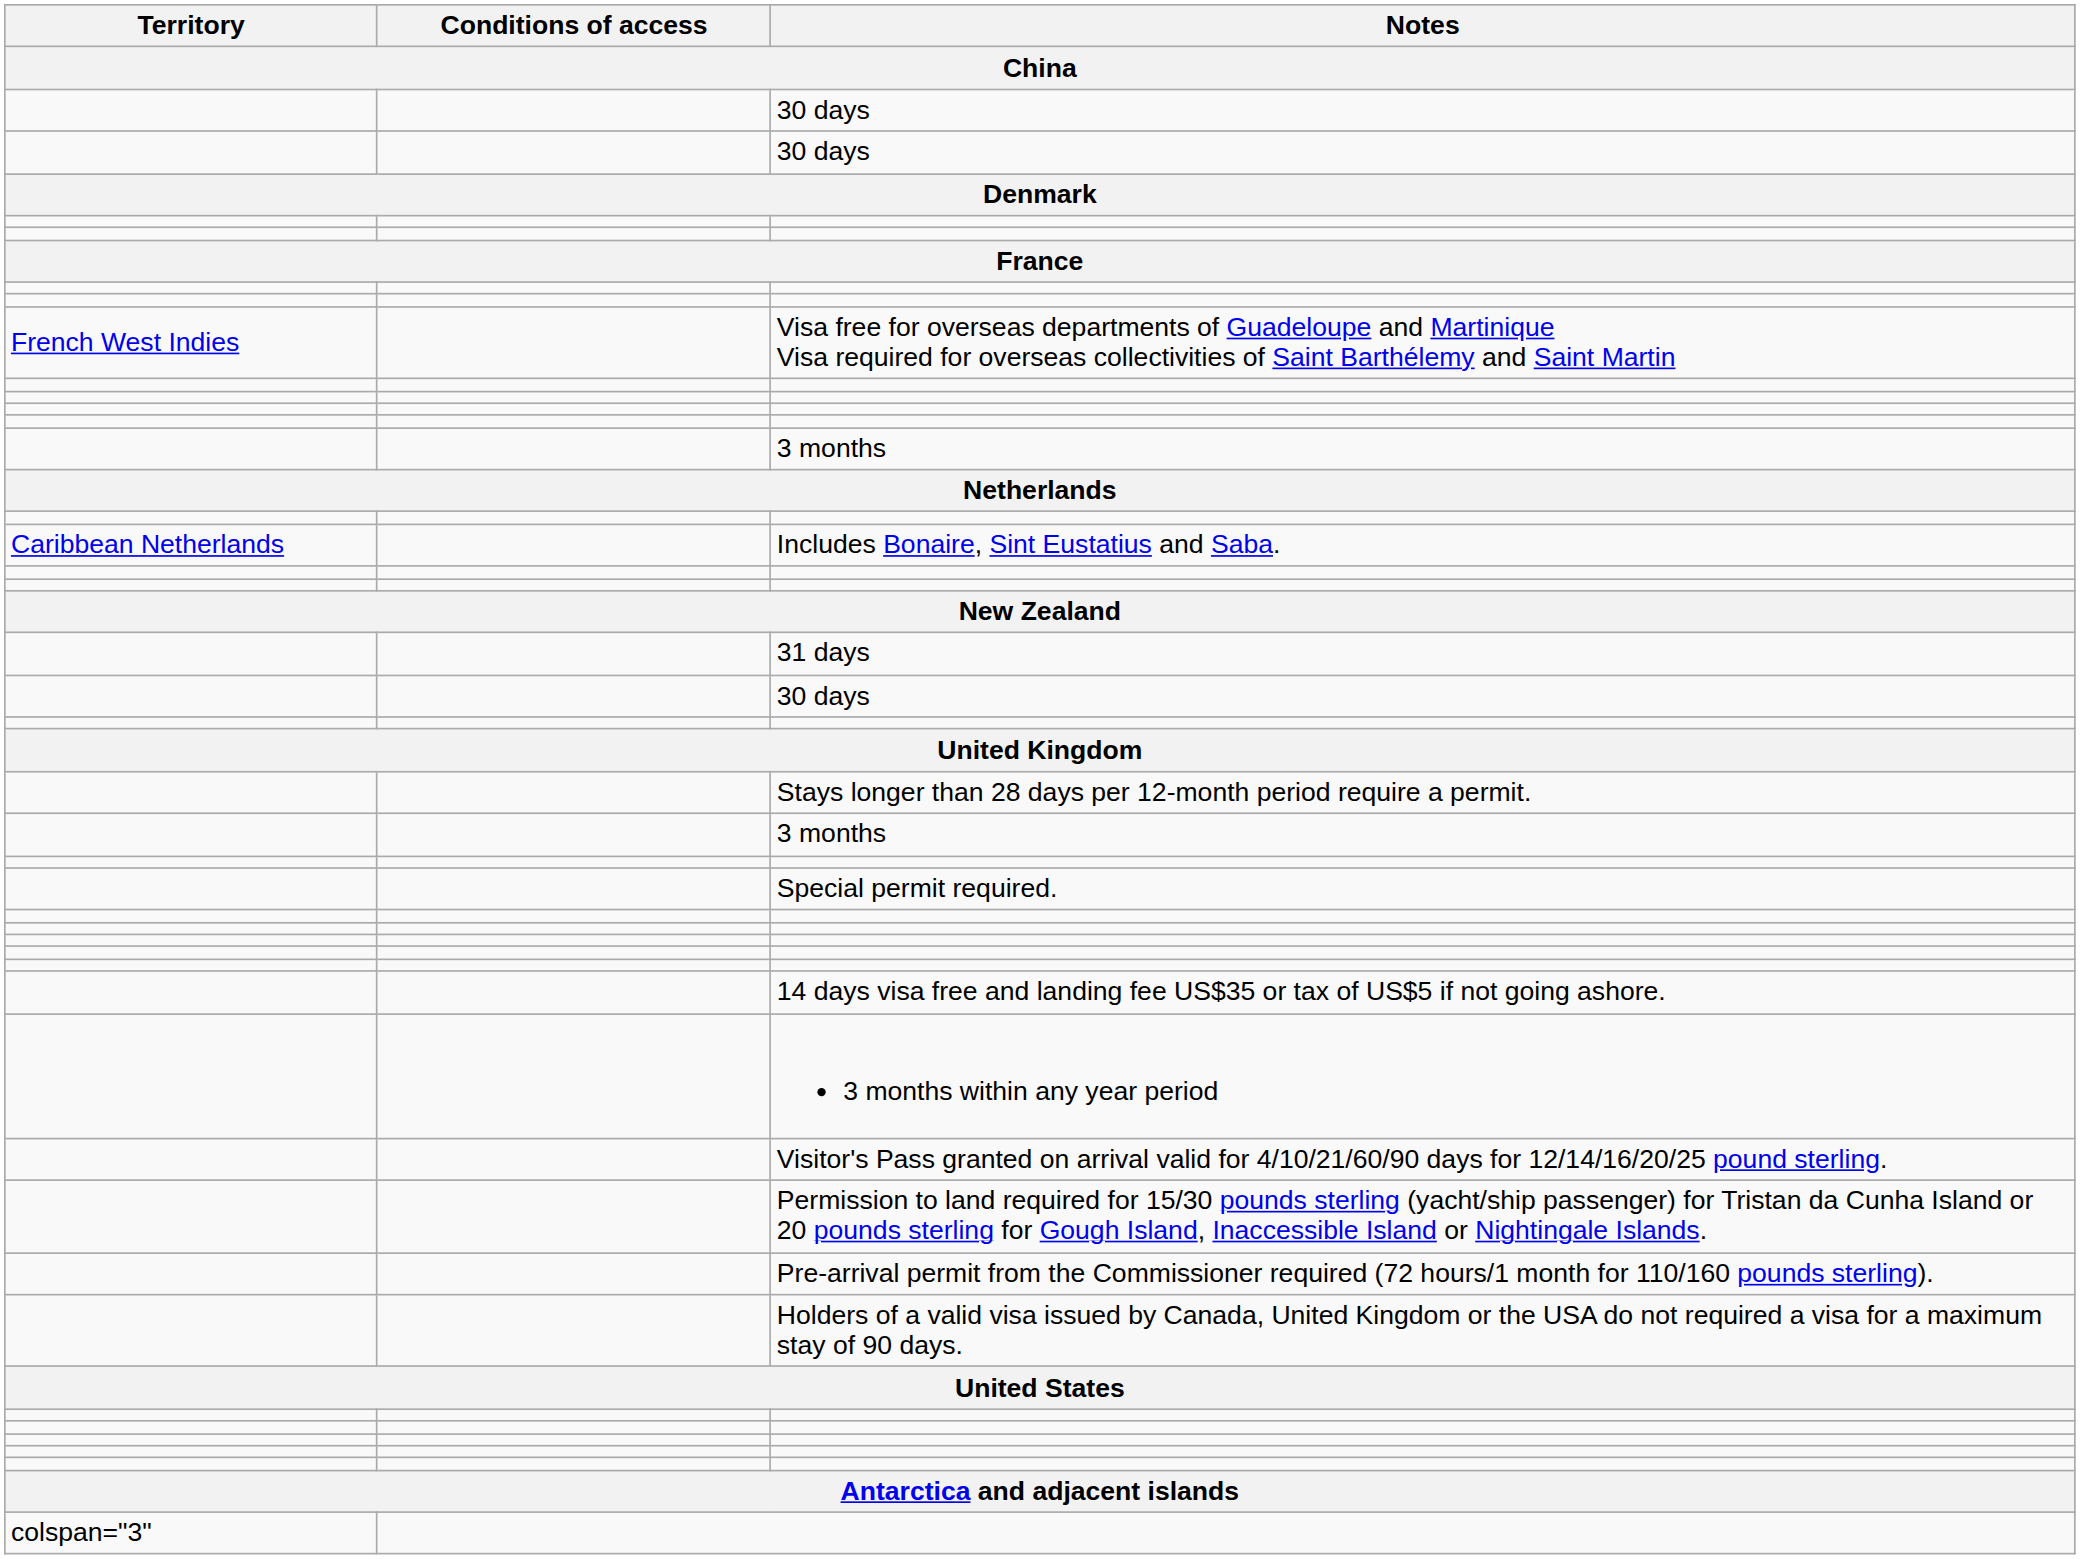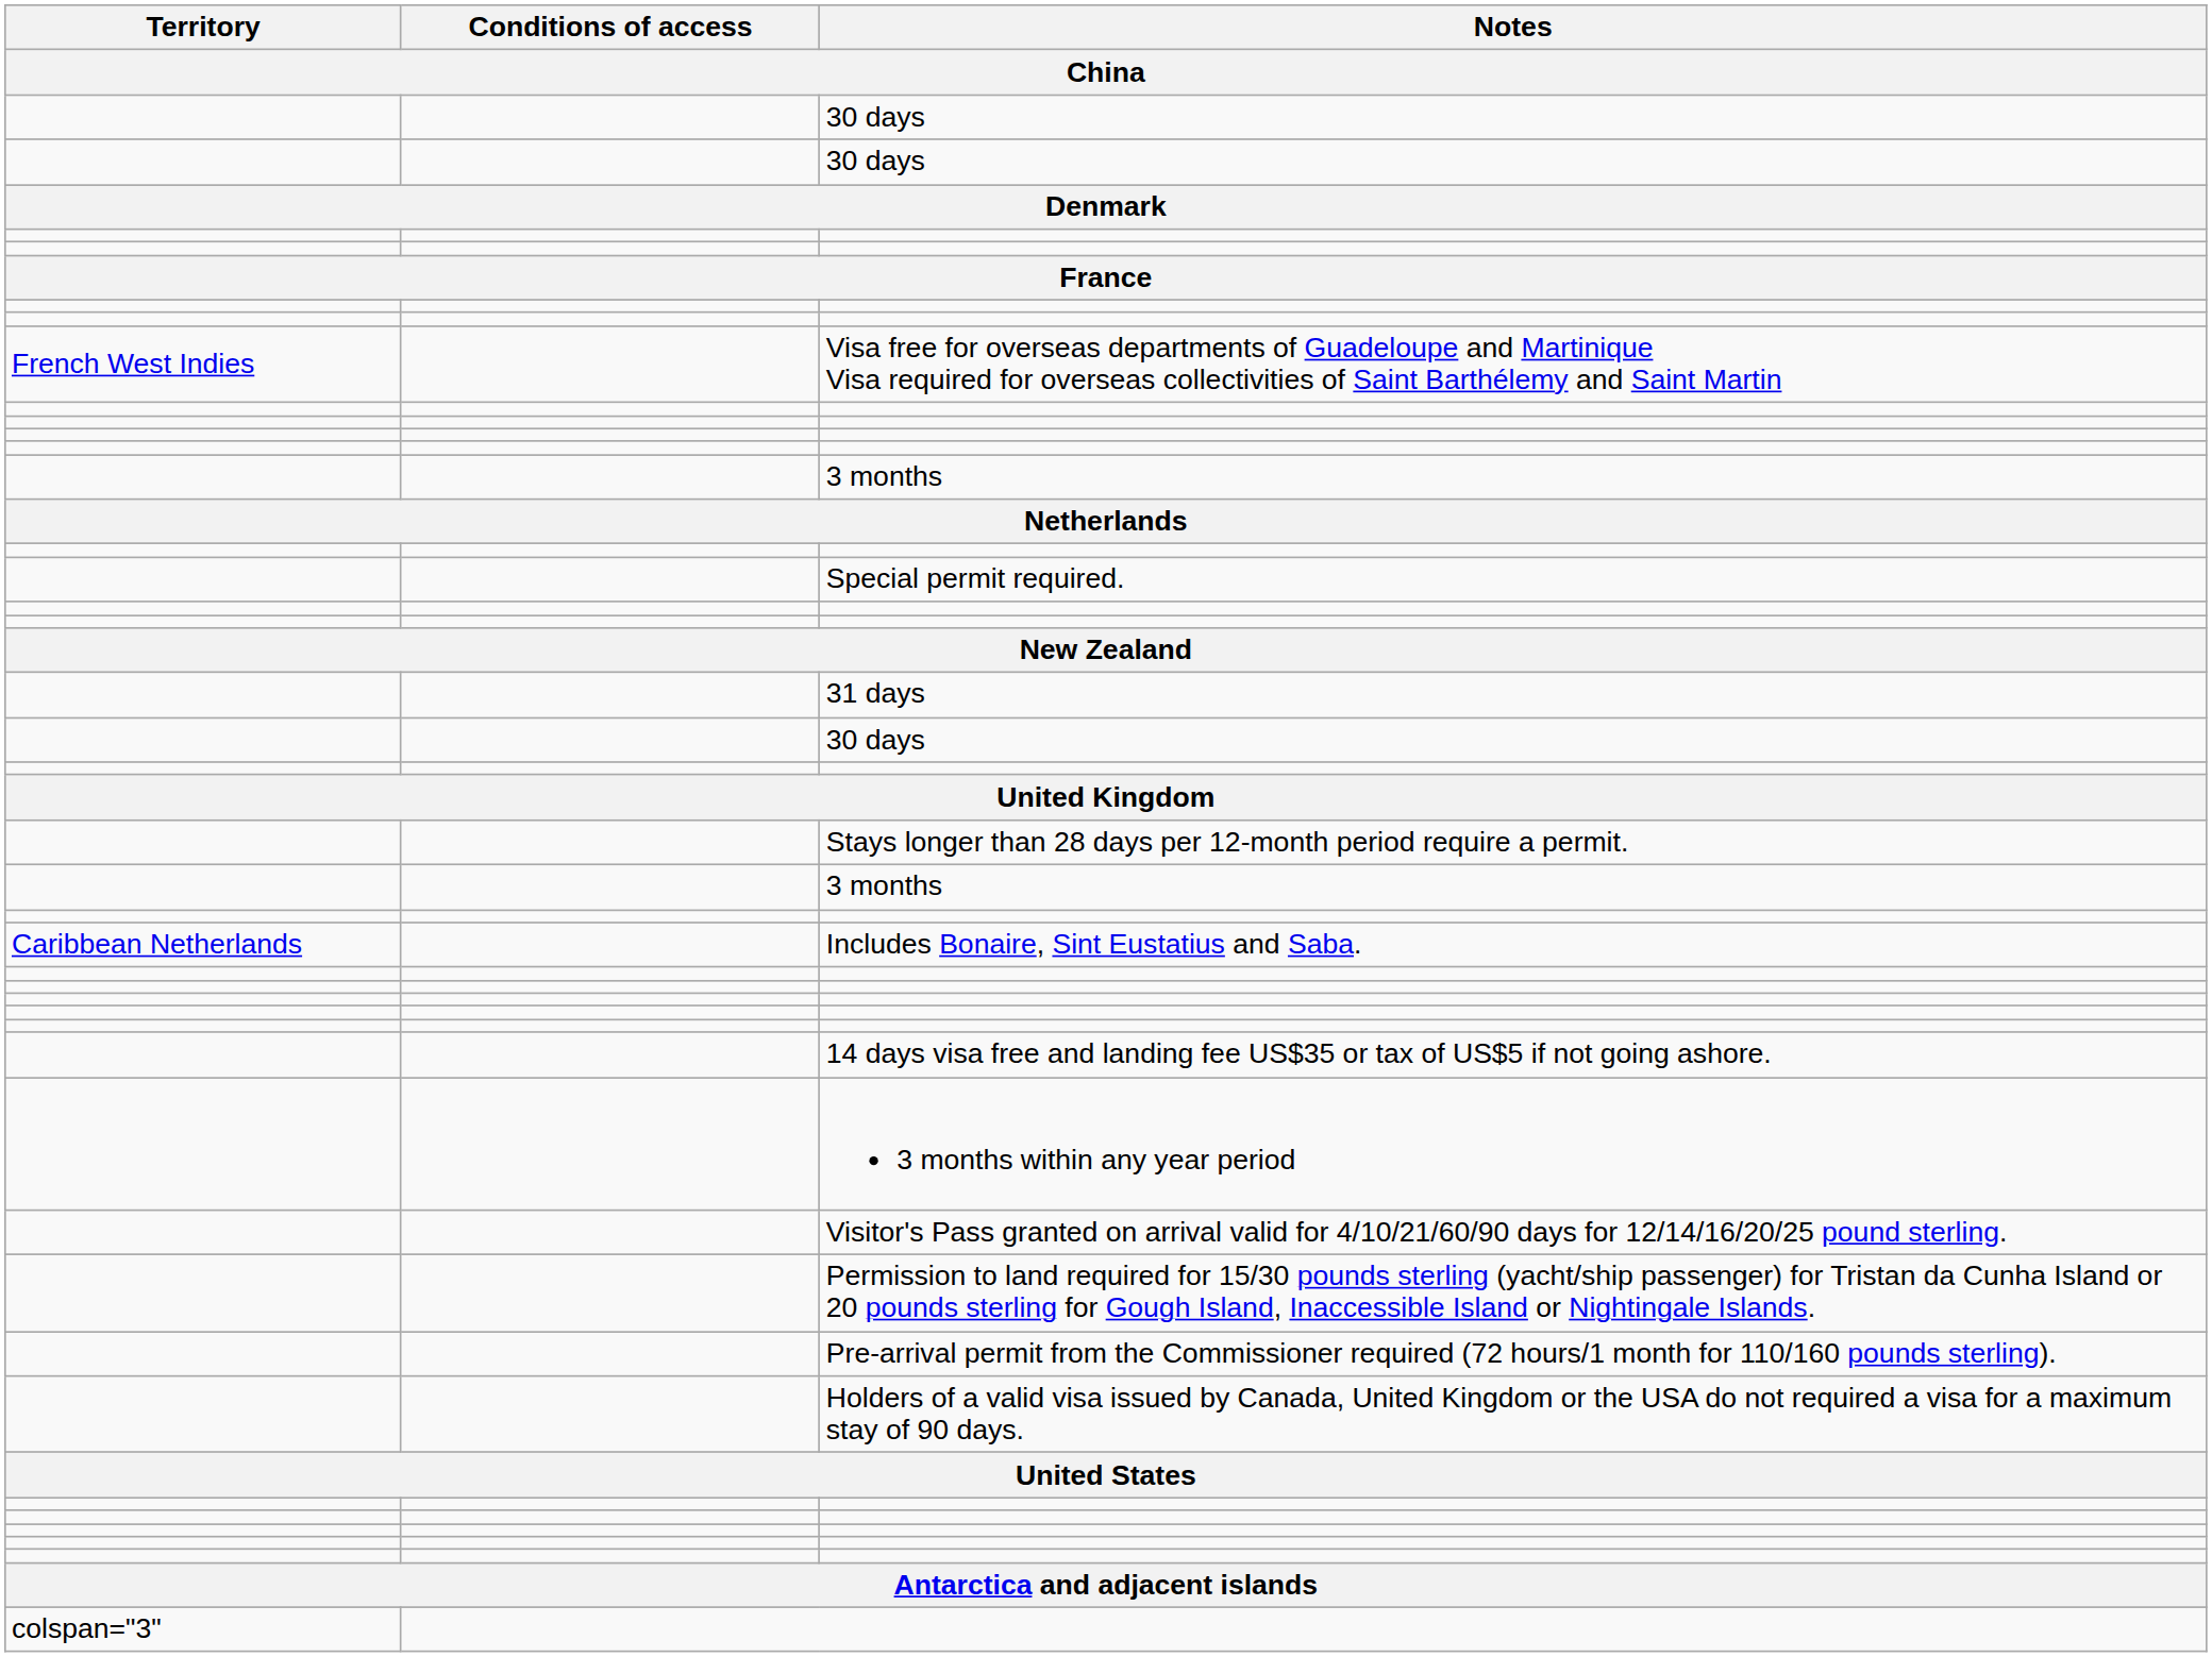 <table class="wikitable" style="text-align: left; table-layout: fixed;">
 <tr>
 <th width="18%">Territory</th>
 <th width="19%">Conditions of access</th>
 <th>Notes</th>
 </tr>
 <tr>
 <th colspan="3">China</th>
 </tr>
 <tr>
 <td></td>
 <td></td>
 <td>30 days</td>
 </tr>
 <tr>
 <td></td>
 <td></td>
 <td>30 days</td>
 </tr>
 <tr>
 <th colspan="3">Denmark</th>
 </tr>
 <tr>
 <td></td>
 <td></td>
 <td></td>
 </tr>
 <tr>
 <td></td>
 <td></td>
 <td></td>
 </tr>
 <tr>
 <th colspan="3">France</th>
 </tr>
 <tr>
 <td></td>
 <td></td>
 <td></td>
 </tr>
 <tr>
 <td></td>
 <td></td>
 <td></td>
 </tr>
 <tr>
 <td> <a href='#'>French West Indies</a></td>
 <td></td>
 <td>Visa free for overseas departments of <a href='#'>Guadeloupe</a> and <a href='#'>Martinique</a><br> Visa required for overseas collectivities of <a href='#'>Saint Barthélemy</a> and <a href='#'>Saint Martin</a></td>
 </tr>
 <tr>
 <td></td>
 <td></td>
 <td></td>
 </tr>
 <tr>
 <td></td>
 <td></td>
 <td></td>
 </tr>
 <tr>
 <td></td>
 <td></td>
 <td></td>
 </tr>
 <tr>
 <td></td>
 <td></td>
 <td></td>
 </tr>
 <tr>
 <td></td>
 <td></td>
 <td>3 months</td>
 </tr>
 <tr>
 <th colspan="3">Netherlands</th>
 </tr>
 <tr>
 <td></td>
 <td></td>
 <td></td>
 </tr>
 <tr>
-<td> <a href='#'>Caribbean Netherlands</a></td>
 <td></td>
-<td>Includes <a href='#'>Bonaire</a>, <a href='#'>Sint Eustatius</a> and <a href='#'>Saba</a>.</td>
+<td></td>
+<td>Special permit required.</td>
 </tr>
 <tr>
 <td></td>
 <td></td>
 <td></td>
 </tr>
 <tr>
 <td></td>
 <td></td>
 <td></td>
 </tr>
 <tr>
 <th colspan="3">New Zealand</th>
 </tr>
 <tr>
 <td></td>
 <td></td>
 <td>31 days</td>
 </tr>
 <tr>
 <td></td>
 <td></td>
 <td>30 days</td>
 </tr>
 <tr>
 <td></td>
 <td></td>
 <td></td>
 </tr>
 <tr>
 <th colspan="3">United Kingdom</th>
 </tr>
 <tr>
 <td></td>
 <td></td>
 <td>Stays longer than 28 days per 12-month period require a permit.</td>
 </tr>
 <tr>
 <td></td>
 <td></td>
 <td>3 months</td>
 </tr>
 <tr>
 <td></td>
 <td></td>
 <td></td>
 </tr>
 <tr>
+<td> <a href='#'>Caribbean Netherlands</a></td>
 <td></td>
-<td></td>
-<td>Special permit required.</td>
+<td>Includes <a href='#'>Bonaire</a>, <a href='#'>Sint Eustatius</a> and <a href='#'>Saba</a>.</td>
 </tr>
 <tr>
 <td></td>
 <td></td>
 <td></td>
 </tr>
 <tr>
 <td></td>
 <td></td>
 <td></td>
 </tr>
 <tr>
 <td></td>
 <td></td>
 <td></td>
 </tr>
 <tr>
 <td></td>
 <td></td>
 <td></td>
 </tr>
 <tr>
 <td></td>
 <td></td>
 <td></td>
 </tr>
 <tr>
 <td></td>
 <td></td>
 <td>14 days visa free and landing fee US$35 or tax of US$5 if not going ashore.</td>
 </tr>
 <tr>
 <td></td>
 <td></td>
 <td><br><ul><li>3 months within any year period</li></ul></td>
 </tr>
 <tr>
 <td></td>
 <td></td>
 <td>Visitor's Pass granted on arrival valid for 4/10/21/60/90 days for 12/14/16/20/25 <a href='#'>pound sterling</a>.</td>
 </tr>
 <tr>
 <td></td>
 <td></td>
 <td>Permission to land required for 15/30 <a href='#'>pounds sterling</a> (yacht/ship passenger) for Tristan da Cunha Island or 20 <a href='#'>pounds sterling</a> for <a href='#'>Gough Island</a>, <a href='#'>Inaccessible Island</a> or <a href='#'>Nightingale Islands</a>.</td>
 </tr>
 <tr>
 <td></td>
 <td></td>
 <td>Pre-arrival permit from the Commissioner required (72 hours/1 month for 110/160 <a href='#'>pounds sterling</a>).</td>
 </tr>
 <tr>
 <td></td>
 <td></td>
 <td>Holders of a valid visa issued by Canada, United Kingdom or the USA do not required a visa for a maximum stay of 90 days.</td>
 </tr>
 <tr>
 <th colspan="3">United States</th>
 </tr>
 <tr>
 <td></td>
 <td></td>
 <td></td>
 </tr>
 <tr>
 <td></td>
 <td></td>
 <td></td>
 </tr>
 <tr>
 <td></td>
 <td></td>
 <td></td>
 </tr>
 <tr>
 <td></td>
 <td></td>
 <td></td>
 </tr>
 <tr>
 <td></td>
 <td></td>
 <td></td>
 </tr>
 <tr>
 <th colspan="3"><a href='#'>Antarctica</a> and adjacent islands</th>
 </tr>
 <tr>
 <td>colspan="3" </td>
 </tr>
 </table>
